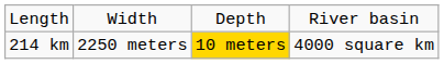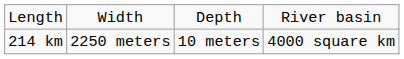 <table class="wikitable" style="text-align:center">
 <tr>
 <td scope="row">Length</td>
 <td scope="row">Width</td>
 <td scope="row">Depth</td>
 <td scope="row">River basin</td>
 </tr>
 <tr>
 <td>214 km</td>
 <td>2250 meters</td>
-<td style="background: gold;">10 meters</td>
+<td>10 meters</td>
 <td>4000 square km</td>
 </tr>
 </table>
